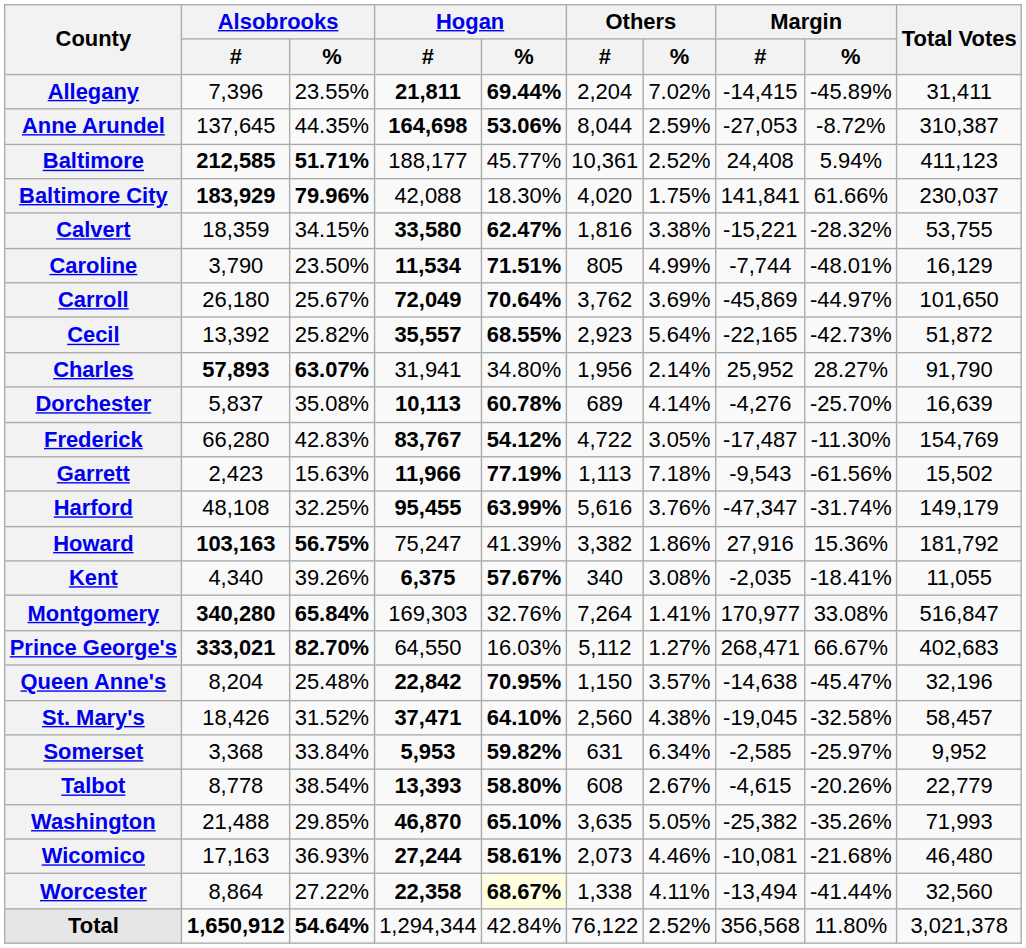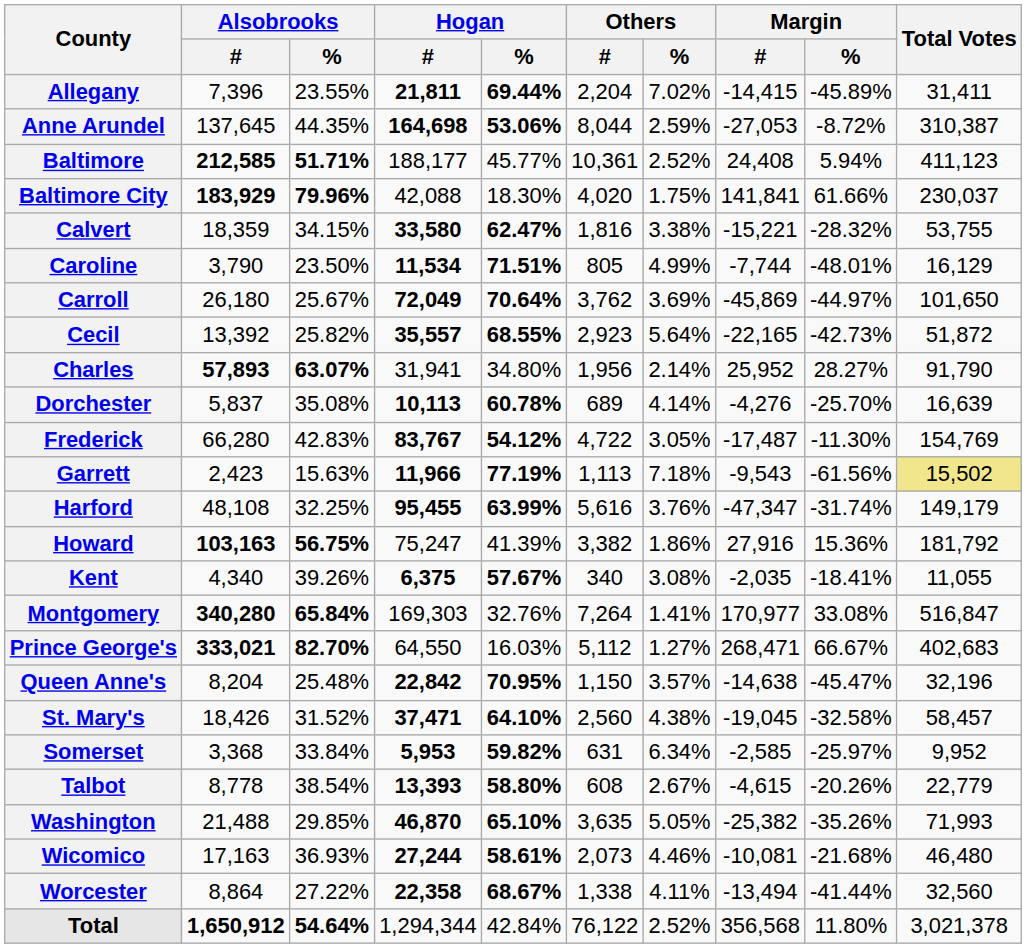 <table class="wikitable sortable" style="text-align:center">
 <tr>
 <th rowspan="2">County</th>
 <th colspan="2"><a href='#'>Alsobrooks</a></th>
 <th colspan="2"><a href='#'>Hogan</a></th>
 <th colspan="2">Others</th>
 <th colspan="2">Margin</th>
 <th rowspan="2">Total Votes</th>
 </tr>
 <tr>
 <th style="background:">#</th>
 <th style="background:">%</th>
 <th style="background:">#</th>
 <th style="background:">%</th>
 <th style="background:">#</th>
 <th style="background:">%</th>
 <th>#</th>
 <th>%</th>
 </tr>
 <tr>
 <th><a href='#'>Allegany</a></th>
 <td>7,396</td>
 <td>23.55%</td>
 <td><strong>21,811</strong></td>
 <td><strong>69.44%</strong></td>
 <td>2,204</td>
 <td>7.02%</td>
 <td>-14,415</td>
 <td>-45.89%</td>
 <td>31,411</td>
 </tr>
 <tr>
 <th><a href='#'>Anne Arundel</a></th>
 <td>137,645</td>
 <td>44.35%</td>
 <td><strong>164,698</strong></td>
 <td><strong>53.06%</strong></td>
 <td>8,044</td>
 <td>2.59%</td>
 <td>-27,053</td>
 <td>-8.72%</td>
 <td>310,387</td>
 </tr>
 <tr>
 <th><a href='#'>Baltimore</a></th>
 <td><strong>212,585</strong></td>
 <td><strong>51.71%</strong></td>
 <td>188,177</td>
 <td>45.77%</td>
 <td>10,361</td>
 <td>2.52%</td>
 <td>24,408</td>
 <td>5.94%</td>
 <td>411,123</td>
 </tr>
 <tr>
 <th><a href='#'>Baltimore City</a></th>
 <td><strong>183,929</strong></td>
 <td><strong>79.96%</strong></td>
 <td>42,088</td>
 <td>18.30%</td>
 <td>4,020</td>
 <td>1.75%</td>
 <td>141,841</td>
 <td>61.66%</td>
 <td>230,037</td>
 </tr>
 <tr>
 <th><a href='#'>Calvert</a></th>
 <td>18,359</td>
 <td>34.15%</td>
 <td><strong>33,580</strong></td>
 <td><strong>62.47%</strong></td>
 <td>1,816</td>
 <td>3.38%</td>
 <td>-15,221</td>
 <td>-28.32%</td>
 <td>53,755</td>
 </tr>
 <tr>
 <th><a href='#'>Caroline</a></th>
 <td>3,790</td>
 <td>23.50%</td>
 <td><strong>11,534</strong></td>
 <td><strong>71.51%</strong></td>
 <td>805</td>
 <td>4.99%</td>
 <td>-7,744</td>
 <td>-48.01%</td>
 <td>16,129</td>
 </tr>
 <tr>
 <th><a href='#'>Carroll</a></th>
 <td>26,180</td>
 <td>25.67%</td>
 <td><strong>72,049</strong></td>
 <td><strong>70.64%</strong></td>
 <td>3,762</td>
 <td>3.69%</td>
 <td>-45,869</td>
 <td>-44.97%</td>
 <td>101,650</td>
 </tr>
 <tr>
 <th><a href='#'>Cecil</a></th>
 <td>13,392</td>
 <td>25.82%</td>
 <td><strong>35,557</strong></td>
 <td><strong>68.55%</strong></td>
 <td>2,923</td>
 <td>5.64%</td>
 <td>-22,165</td>
 <td>-42.73%</td>
 <td>51,872</td>
 </tr>
 <tr>
 <th><a href='#'>Charles</a></th>
 <td><strong>57,893</strong></td>
 <td><strong>63.07%</strong></td>
 <td>31,941</td>
 <td>34.80%</td>
 <td>1,956</td>
 <td>2.14%</td>
 <td>25,952</td>
 <td>28.27%</td>
 <td>91,790</td>
 </tr>
 <tr>
 <th><a href='#'>Dorchester</a></th>
 <td>5,837</td>
 <td>35.08%</td>
 <td><strong>10,113</strong></td>
 <td><strong>60.78%</strong></td>
 <td>689</td>
 <td>4.14%</td>
 <td>-4,276</td>
 <td>-25.70%</td>
 <td>16,639</td>
 </tr>
 <tr>
 <th><a href='#'>Frederick</a></th>
 <td>66,280</td>
 <td>42.83%</td>
 <td><strong>83,767</strong></td>
 <td><strong>54.12%</strong></td>
 <td>4,722</td>
 <td>3.05%</td>
 <td>-17,487</td>
 <td>-11.30%</td>
 <td>154,769</td>
 </tr>
 <tr>
 <th><a href='#'>Garrett</a></th>
 <td>2,423</td>
 <td>15.63%</td>
 <td><strong>11,966</strong></td>
 <td><strong>77.19%</strong></td>
 <td>1,113</td>
 <td>7.18%</td>
 <td>-9,543</td>
 <td>-61.56%</td>
-<td>15,502</td>
+<td style="background: khaki;">15,502</td>
 </tr>
 <tr>
 <th><a href='#'>Harford</a></th>
 <td>48,108</td>
 <td>32.25%</td>
 <td><strong>95,455</strong></td>
 <td><strong>63.99%</strong></td>
 <td>5,616</td>
 <td>3.76%</td>
 <td>-47,347</td>
 <td>-31.74%</td>
 <td>149,179</td>
 </tr>
 <tr>
 <th><a href='#'>Howard</a></th>
 <td><strong>103,163</strong></td>
 <td><strong>56.75%</strong></td>
 <td>75,247</td>
 <td>41.39%</td>
 <td>3,382</td>
 <td>1.86%</td>
 <td>27,916</td>
 <td>15.36%</td>
 <td>181,792</td>
 </tr>
 <tr>
 <th><a href='#'>Kent</a></th>
 <td>4,340</td>
 <td>39.26%</td>
 <td><strong>6,375</strong></td>
 <td><strong>57.67%</strong></td>
 <td>340</td>
 <td>3.08%</td>
 <td>-2,035</td>
 <td>-18.41%</td>
 <td>11,055</td>
 </tr>
 <tr>
 <th><a href='#'>Montgomery</a></th>
 <td><strong>340,280</strong></td>
 <td><strong>65.84%</strong></td>
 <td>169,303</td>
 <td>32.76%</td>
 <td>7,264</td>
 <td>1.41%</td>
 <td>170,977</td>
 <td>33.08%</td>
 <td>516,847</td>
 </tr>
 <tr>
 <th><a href='#'>Prince George's</a></th>
 <td><strong>333,021</strong></td>
 <td><strong>82.70%</strong></td>
 <td>64,550</td>
 <td>16.03%</td>
 <td>5,112</td>
 <td>1.27%</td>
 <td>268,471</td>
 <td>66.67%</td>
 <td>402,683</td>
 </tr>
 <tr>
 <th><a href='#'>Queen Anne's</a></th>
 <td>8,204</td>
 <td>25.48%</td>
 <td><strong>22,842</strong></td>
 <td><strong>70.95%</strong></td>
 <td>1,150</td>
 <td>3.57%</td>
 <td>-14,638</td>
 <td>-45.47%</td>
 <td>32,196</td>
 </tr>
 <tr>
 <th><a href='#'>St. Mary's</a></th>
 <td>18,426</td>
 <td>31.52%</td>
 <td><strong>37,471</strong></td>
 <td><strong>64.10%</strong></td>
 <td>2,560</td>
 <td>4.38%</td>
 <td>-19,045</td>
 <td>-32.58%</td>
 <td>58,457</td>
 </tr>
 <tr>
 <th><a href='#'>Somerset</a></th>
 <td>3,368</td>
 <td>33.84%</td>
 <td><strong>5,953</strong></td>
 <td><strong>59.82%</strong></td>
 <td>631</td>
 <td>6.34%</td>
 <td>-2,585</td>
 <td>-25.97%</td>
 <td>9,952</td>
 </tr>
 <tr>
 <th><a href='#'>Talbot</a></th>
 <td>8,778</td>
 <td>38.54%</td>
 <td><strong>13,393</strong></td>
 <td><strong>58.80%</strong></td>
 <td>608</td>
 <td>2.67%</td>
 <td>-4,615</td>
 <td>-20.26%</td>
 <td>22,779</td>
 </tr>
 <tr>
 <th><a href='#'>Washington</a></th>
 <td>21,488</td>
 <td>29.85%</td>
 <td><strong>46,870</strong></td>
 <td><strong>65.10%</strong></td>
 <td>3,635</td>
 <td>5.05%</td>
 <td>-25,382</td>
 <td>-35.26%</td>
 <td>71,993</td>
 </tr>
 <tr>
 <th><a href='#'>Wicomico</a></th>
 <td>17,163</td>
 <td>36.93%</td>
 <td><strong>27,244</strong></td>
 <td><strong>58.61%</strong></td>
 <td>2,073</td>
 <td>4.46%</td>
 <td>-10,081</td>
 <td>-21.68%</td>
 <td>46,480</td>
 </tr>
 <tr>
 <th><a href='#'>Worcester</a></th>
 <td>8,864</td>
 <td>27.22%</td>
 <td><strong>22,358</strong></td>
-<td style="background: lightyellow;"><strong>68.67%</strong></td>
+<td><strong>68.67%</strong></td>
 <td>1,338</td>
 <td>4.11%</td>
 <td>-13,494</td>
 <td>-41.44%</td>
 <td>32,560</td>
 </tr>
 <tr class="sortbottom">
 <td style="background-color:#E6E6E6;"><strong>Total</strong></td>
 <td><strong>1,650,912</strong></td>
 <td><strong>54.64%</strong></td>
 <td>1,294,344</td>
 <td>42.84%</td>
 <td>76,122</td>
 <td>2.52%</td>
 <td>356,568</td>
 <td>11.80%</td>
 <td>3,021,378</td>
 </tr>
 </table>
